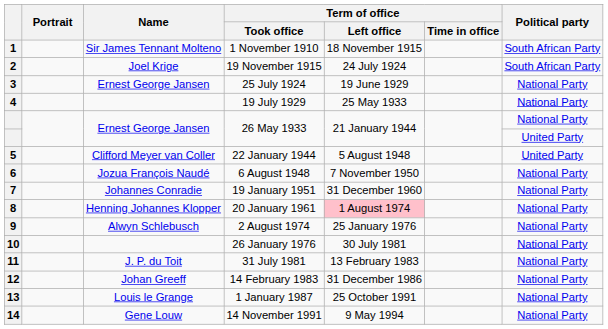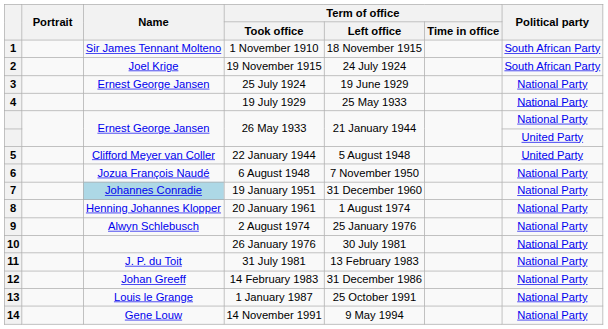 <table class="wikitable" style="text-align:center;">
 <tr>
 <th rowspan=2></th>
 <th rowspan=2 style="width:80px;">Portrait</th>
 <th rowspan=2>Name<br></th>
 <th colspan=3>Term of office</th>
 <th rowspan=2>Political party</th>
 </tr>
 <tr>
 <th>Took office</th>
 <th>Left office</th>
 <th>Time in office</th>
 </tr>
 <tr>
 <th style="background:">1</th>
 <td></td>
 <td><a href='#'>Sir James Tennant Molteno</a><br></td>
 <td>1 November 1910</td>
 <td>18 November 1915</td>
 <td></td>
 <td><a href='#'>South African Party</a></td>
 </tr>
 <tr>
 <th style="background:">2</th>
 <td></td>
 <td><a href='#'>Joel Krige</a><br></td>
 <td>19 November 1915</td>
 <td>24 July 1924</td>
 <td></td>
 <td><a href='#'>South African Party</a></td>
 </tr>
 <tr>
 <th style="background:">3</th>
 <td></td>
 <td><a href='#'>Ernest George Jansen</a><br></td>
 <td>25 July 1924</td>
 <td>19 June 1929</td>
 <td></td>
 <td><a href='#'>National Party</a></td>
 </tr>
 <tr>
 <th style="background:">4</th>
 <td></td>
 <td><br></td>
 <td>19 July 1929</td>
 <td>25 May 1933</td>
 <td></td>
 <td><a href='#'>National Party</a></td>
 </tr>
 <tr>
 <th style="background:"></th>
 <td rowspan=2></td>
 <td rowspan=2><a href='#'>Ernest George Jansen</a><br></td>
 <td rowspan=2>26 May 1933</td>
 <td rowspan=2>21 January 1944</td>
 <td rowspan=2></td>
 <td><a href='#'>National Party</a><br></td>
 </tr>
 <tr>
 <th style="background:"></th>
 <td><a href='#'>United Party</a><br></td>
 </tr>
 <tr>
 <th style="background:">5</th>
 <td></td>
 <td><a href='#'>Clifford Meyer van Coller</a><br></td>
 <td>22 January 1944</td>
 <td>5 August 1948</td>
 <td></td>
 <td><a href='#'>United Party</a></td>
 </tr>
 <tr>
 <th style="background:">6</th>
 <td></td>
 <td><a href='#'>Jozua François Naudé</a><br></td>
 <td>6 August 1948</td>
 <td>7 November 1950</td>
 <td></td>
 <td><a href='#'>National Party</a></td>
 </tr>
 <tr>
 <th style="background:">7</th>
 <td></td>
-<td><a href='#'>Johannes Conradie</a><br></td>
+<td style="background: lightblue;"><a href='#'>Johannes Conradie</a><br></td>
 <td>19 January 1951</td>
 <td>31 December 1960</td>
 <td></td>
 <td><a href='#'>National Party</a></td>
 </tr>
 <tr>
 <th style="background:">8</th>
 <td></td>
 <td><a href='#'>Henning Johannes Klopper</a><br></td>
 <td>20 January 1961</td>
-<td style="background: pink;">1 August 1974</td>
+<td>1 August 1974</td>
 <td></td>
 <td><a href='#'>National Party</a></td>
 </tr>
 <tr>
 <th style="background:">9</th>
 <td></td>
 <td><a href='#'>Alwyn Schlebusch</a><br></td>
 <td>2 August 1974</td>
 <td>25 January 1976</td>
 <td></td>
 <td><a href='#'>National Party</a></td>
 </tr>
 <tr>
 <th style="background:">10</th>
 <td></td>
 <td><br></td>
 <td>26 January 1976</td>
 <td>30 July 1981</td>
 <td></td>
 <td><a href='#'>National Party</a></td>
 </tr>
 <tr>
 <th style="background:">11</th>
 <td></td>
 <td><a href='#'>J. P. du Toit</a></td>
 <td>31 July 1981</td>
 <td>13 February 1983</td>
 <td></td>
 <td><a href='#'>National Party</a></td>
 </tr>
 <tr>
 <th style="background:">12</th>
 <td></td>
 <td><a href='#'>Johan Greeff</a><br></td>
 <td>14 February 1983</td>
 <td>31 December 1986</td>
 <td></td>
 <td><a href='#'>National Party</a></td>
 </tr>
 <tr>
 <th style="background:">13</th>
 <td></td>
 <td><a href='#'>Louis le Grange</a><br></td>
 <td>1 January 1987</td>
 <td>25 October 1991<br></td>
 <td></td>
 <td><a href='#'>National Party</a></td>
 </tr>
 <tr>
 <th style="background:">14</th>
 <td></td>
 <td><a href='#'>Gene Louw</a><br></td>
 <td>14 November 1991</td>
 <td>9 May 1994</td>
 <td></td>
 <td><a href='#'>National Party</a></td>
 </tr>
 </table>
